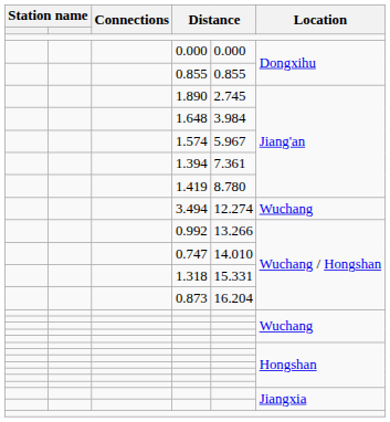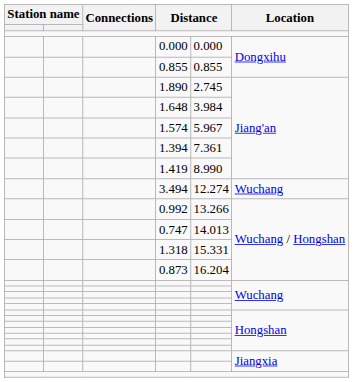 <table class="wikitable">
 <tr>
 <th colspan="2">Station name</th>
 <th rowspan="2">Connections</th>
 <th colspan="2" rowspan="2">Distance<br></th>
 <th rowspan="2">Location</th>
 </tr>
 <tr>
 <th></th>
 <th></th>
 </tr>
 <tr style="background:#">
 <td colspan = "6"></td>
 </tr>
 <tr>
 <td></td>
 <td></td>
 <td></td>
 <td>0.000</td>
 <td>0.000</td>
 <td rowspan="2"><a href='#'>Dongxihu</a></td>
 </tr>
 <tr>
 <td></td>
 <td></td>
 <td> </td>
 <td>0.855</td>
 <td>0.855</td>
 </tr>
 <tr>
 <td></td>
 <td></td>
 <td></td>
 <td>1.890</td>
 <td>2.745</td>
 <td rowspan="5"><a href='#'>Jiang'an</a></td>
 </tr>
 <tr>
 <td></td>
 <td></td>
 <td> </td>
 <td>1.648</td>
 <td>3.984</td>
 </tr>
 <tr>
 <td></td>
 <td></td>
 <td></td>
 <td>1.574</td>
 <td>5.967</td>
 </tr>
 <tr>
 <td></td>
 <td></td>
 <td></td>
 <td>1.394</td>
 <td>7.361</td>
 </tr>
 <tr>
 <td></td>
 <td></td>
 <td></td>
 <td>1.419</td>
-<td>8.780</td>
+<td>8.990</td>
 </tr>
 <tr>
 <td></td>
 <td></td>
 <td> </td>
 <td>3.494</td>
 <td>12.274</td>
 <td><a href='#'>Wuchang</a></td>
 </tr>
 <tr>
 <td></td>
 <td></td>
 <td></td>
 <td>0.992</td>
 <td>13.266</td>
 <td rowspan="4"><a href='#'>Wuchang</a> / <a href='#'>Hongshan</a></td>
 </tr>
 <tr>
 <td></td>
 <td></td>
 <td></td>
 <td>0.747</td>
-<td>14.010</td>
+<td>14.013</td>
 </tr>
 <tr>
 <td></td>
 <td></td>
 <td></td>
 <td>1.318</td>
 <td>15.331</td>
 </tr>
 <tr>
 <td></td>
 <td></td>
 <td></td>
 <td>0.873</td>
 <td>16.204</td>
 </tr>
 <tr>
 <td></td>
 <td></td>
 <td></td>
 <td></td>
 <td></td>
 <td rowspan="5"><a href='#'>Wuchang</a></td>
 </tr>
 <tr>
 <td></td>
 <td></td>
 <td></td>
 <td></td>
 <td></td>
 </tr>
 <tr>
 <td></td>
 <td></td>
 <td></td>
 <td></td>
 <td></td>
 </tr>
 <tr>
 <td></td>
 <td></td>
 <td></td>
 <td></td>
 <td></td>
 </tr>
 <tr>
 <td></td>
 <td></td>
 <td></td>
 <td></td>
 <td></td>
 </tr>
 <tr>
 <td></td>
 <td></td>
 <td></td>
 <td></td>
 <td></td>
 <td rowspan="7"><a href='#'>Hongshan</a></td>
 </tr>
 <tr>
 <td></td>
 <td></td>
 <td></td>
 <td></td>
 <td></td>
 </tr>
 <tr>
 <td></td>
 <td></td>
 <td></td>
 <td></td>
 <td></td>
 </tr>
 <tr>
 <td></td>
 <td></td>
 <td></td>
 <td></td>
 <td></td>
 </tr>
 <tr>
 <td></td>
 <td></td>
 <td></td>
 <td></td>
 <td></td>
 </tr>
 <tr>
 <td></td>
 <td></td>
 <td></td>
 <td></td>
 <td></td>
 </tr>
 <tr>
 <td></td>
 <td></td>
 <td></td>
 <td></td>
 <td></td>
 </tr>
 <tr>
 <td></td>
 <td></td>
 <td></td>
 <td></td>
 <td></td>
 <td rowspan="2"><a href='#'>Jiangxia</a></td>
 </tr>
 <tr>
 <td></td>
 <td></td>
 <td></td>
 <td></td>
 <td></td>
 </tr>
 <tr style="background:#">
 <td colspan = "6"></td>
 </tr>
 </table>
